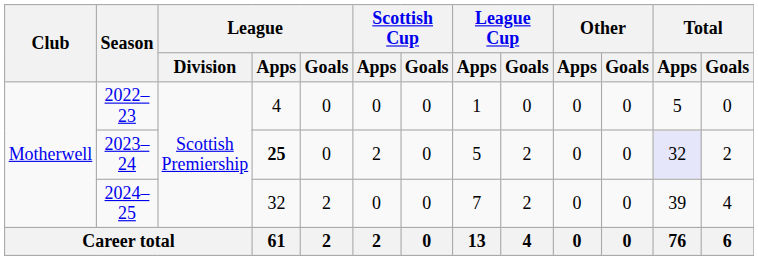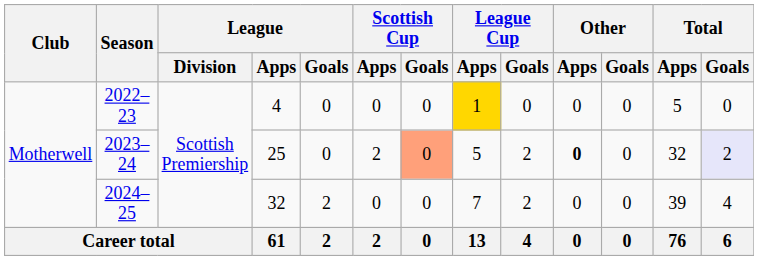 <table class="wikitable" style="text-align:center">
 <tr>
 <th rowspan="2">Club</th>
 <th rowspan="2">Season</th>
 <th colspan="3">League</th>
 <th colspan="2"><a href='#'>Scottish Cup</a></th>
 <th colspan="2"><a href='#'>League Cup</a></th>
 <th colspan="2">Other</th>
 <th colspan="2">Total</th>
 </tr>
 <tr>
 <th>Division</th>
 <th>Apps</th>
 <th>Goals</th>
 <th>Apps</th>
 <th>Goals</th>
 <th>Apps</th>
 <th>Goals</th>
 <th>Apps</th>
 <th>Goals</th>
 <th>Apps</th>
 <th>Goals</th>
 </tr>
 <tr>
 <td rowspan="3"><a href='#'>Motherwell</a></td>
 <td><a href='#'>2022–23</a></td>
 <td rowspan="3"><a href='#'>Scottish Premiership</a></td>
 <td>4</td>
 <td>0</td>
 <td>0</td>
 <td>0</td>
-<td>1</td>
+<td style="background: gold;">1</td>
 <td>0</td>
 <td>0</td>
 <td>0</td>
 <td>5</td>
 <td>0</td>
 </tr>
 <tr>
 <td><a href='#'>2023–24</a></td>
-<td><strong>25</strong></td>
+<td>25</td>
 <td>0</td>
 <td>2</td>
-<td>0</td>
+<td style="background: lightsalmon;">0</td>
 <td>5</td>
 <td>2</td>
+<td><strong>0</strong></td>
 <td>0</td>
-<td>0</td>
-<td style="background: lavender;">32</td>
-<td>2</td>
+<td>32</td>
+<td style="background: lavender;">2</td>
 </tr>
 <tr>
 <td><a href='#'>2024–25</a></td>
 <td>32</td>
 <td>2</td>
 <td>0</td>
 <td>0</td>
 <td>7</td>
 <td>2</td>
 <td>0</td>
 <td>0</td>
 <td>39</td>
 <td>4</td>
 </tr>
 <tr>
 <th colspan="3">Career total</th>
 <th>61</th>
 <th>2</th>
 <th>2</th>
 <th>0</th>
 <th>13</th>
 <th>4</th>
 <th>0</th>
 <th>0</th>
 <th>76</th>
 <th>6</th>
 </tr>
 </table>
